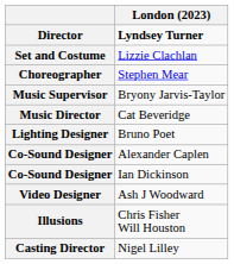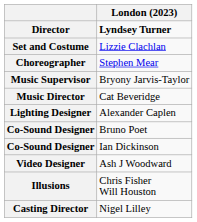 <table class="wikitable">
 <tr>
 <th></th>
 <th>London (2023)</th>
 </tr>
 <tr>
 <th>Director</th>
 <td><strong>Lyndsey Turner</strong></td>
 </tr>
 <tr>
 <th>Set and Costume</th>
 <td><a href='#'>Lizzie Clachlan</a></td>
 </tr>
 <tr>
 <th>Choreographer</th>
 <td><a href='#'>Stephen Mear</a></td>
 </tr>
 <tr>
 <th>Music Supervisor</th>
 <td>Bryony Jarvis-Taylor</td>
 </tr>
 <tr>
 <th>Music Director</th>
 <td>Cat Beveridge</td>
 </tr>
 <tr>
 <th>Lighting Designer</th>
-<td>Bruno Poet</td>
+<td>Alexander Caplen</td>
 </tr>
 <tr>
 <th>Co-Sound Designer</th>
-<td>Alexander Caplen</td>
+<td>Bruno Poet</td>
 </tr>
 <tr>
 <th>Co-Sound Designer</th>
 <td>Ian Dickinson</td>
 </tr>
 <tr>
 <th>Video Designer</th>
 <td>Ash J Woodward</td>
 </tr>
 <tr>
 <th>Illusions</th>
 <td>Chris Fisher<br>Will Houston</td>
 </tr>
 <tr>
 <th>Casting Director</th>
 <td>Nigel Lilley</td>
 </tr>
 </table>
